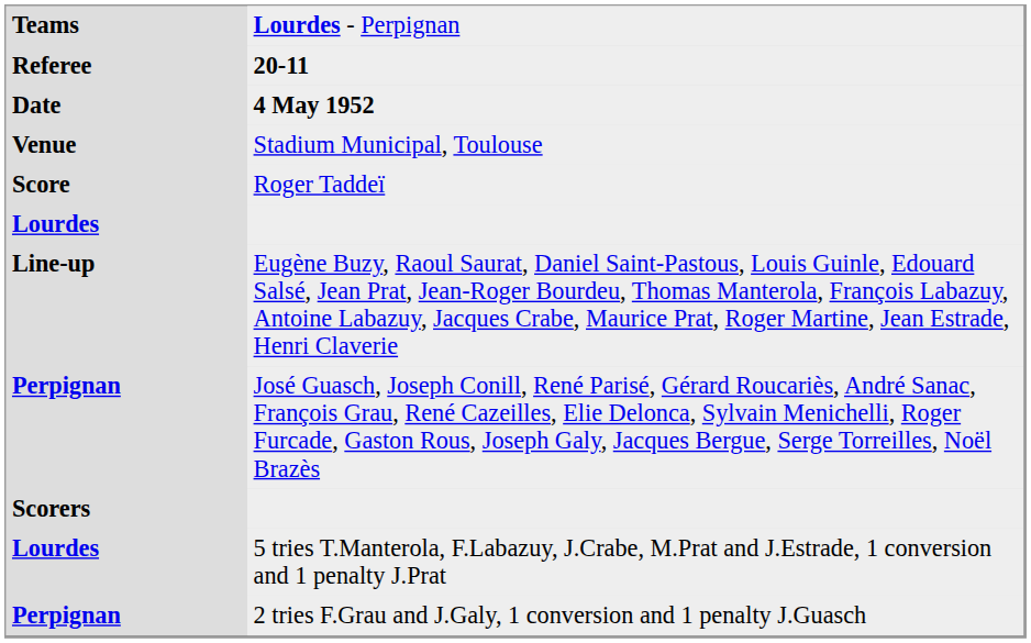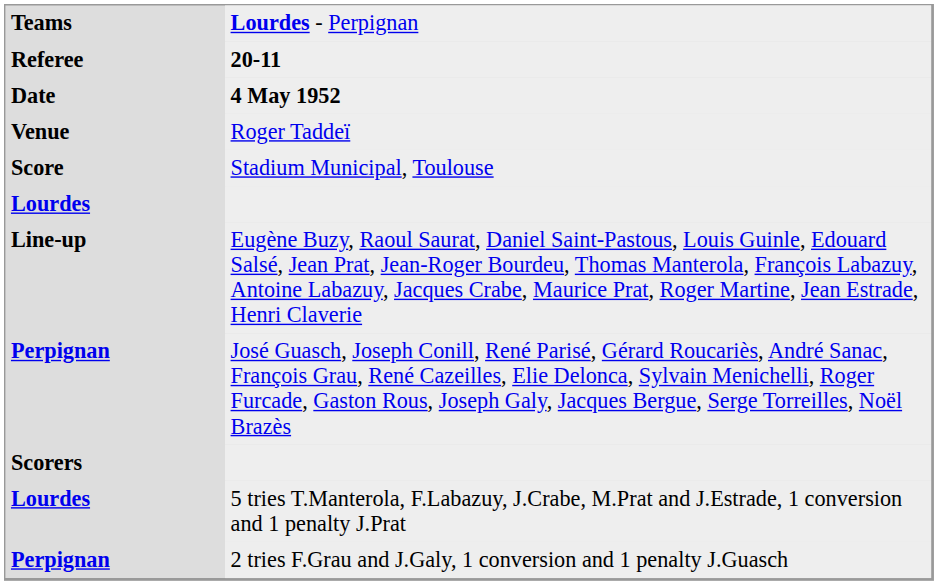 <table align="left" cellpadding="4" cellspacing="0"  style="margin: 0 0 0 0; border: 1px solid #999; border-right-width: 2px; border-bottom-width: 2px; background-color: #DDDDDD">
 <tr>
 <td width="150" valign="top"><strong>Teams</strong></td>
 <td width="500" bgcolor=#EEEEEE><strong><a href='#'>Lourdes</a></strong> - <a href='#'>Perpignan</a></td>
 </tr>
 <tr>
 <td valign="top"><strong>Referee</strong></td>
 <td bgcolor=#EEEEEE><strong>20-11</strong></td>
 </tr>
 <tr>
 <td valign="top"><strong>Date</strong></td>
 <td bgcolor=#EEEEEE><strong>4 May 1952</strong></td>
 </tr>
 <tr>
 <td valign="top"><strong>Venue</strong></td>
-<td bgcolor=#EEEEEE><a href='#'>Stadium Municipal</a>, <a href='#'>Toulouse</a></td>
+<td bgcolor=#EEEEEE><a href='#'>Roger Taddeï</a></td>
 </tr>
 <tr>
 <td valign="top"><strong>Score</strong></td>
-<td bgcolor=#EEEEEE><a href='#'>Roger Taddeï</a></td>
+<td bgcolor=#EEEEEE><a href='#'>Stadium Municipal</a>, <a href='#'>Toulouse</a></td>
 </tr>
 <tr>
 <td valign="top"><strong> <a href='#'>Lourdes</a> </strong></td>
 <td bgcolor=#EEEEEE></td>
 </tr>
 <tr>
 <td valign="top"><strong>Line-up</strong></td>
 <td bgcolor=#EEEEEE><a href='#'>Eugène Buzy</a>, <a href='#'>Raoul Saurat</a>, <a href='#'>Daniel Saint-Pastous</a>, <a href='#'>Louis Guinle</a>, <a href='#'>Edouard Salsé</a>, <a href='#'>Jean Prat</a>, <a href='#'>Jean-Roger Bourdeu</a>, <a href='#'>Thomas Manterola</a>, <a href='#'>François Labazuy</a>, <a href='#'>Antoine Labazuy</a>, <a href='#'>Jacques Crabe</a>, <a href='#'>Maurice Prat</a>, <a href='#'>Roger Martine</a>, <a href='#'>Jean Estrade</a>, <a href='#'>Henri Claverie</a></td>
 </tr>
 <tr>
 <td valign="top"><strong><a href='#'>Perpignan</a></strong></td>
 <td bgcolor=#EEEEEE><a href='#'>José Guasch</a>, <a href='#'>Joseph Conill</a>, <a href='#'>René Parisé</a>, <a href='#'>Gérard Roucariès</a>, <a href='#'>André Sanac</a>, <a href='#'>François Grau</a>, <a href='#'>René Cazeilles</a>, <a href='#'>Elie Delonca</a>, <a href='#'>Sylvain Menichelli</a>, <a href='#'>Roger Furcade</a>, <a href='#'>Gaston Rous</a>, <a href='#'>Joseph Galy</a>, <a href='#'>Jacques Bergue</a>, <a href='#'>Serge Torreilles</a>, <a href='#'>Noël Brazès</a></td>
 </tr>
 <tr>
 <td valign="top"><strong>Scorers</strong></td>
 <td bgcolor=#EEEEEE></td>
 </tr>
 <tr>
 <td valign="top"><strong><a href='#'>Lourdes</a>  </strong></td>
 <td bgcolor=#EEEEEE>5 tries T.Manterola, F.Labazuy, J.Crabe, M.Prat and J.Estrade, 1 conversion and 1 penalty J.Prat</td>
 </tr>
 <tr>
 <td valign="top"><strong><a href='#'>Perpignan</a></strong></td>
 <td bgcolor=#EEEEEE>2 tries F.Grau and J.Galy, 1 conversion and 1 penalty J.Guasch</td>
 </tr>
 </table>
